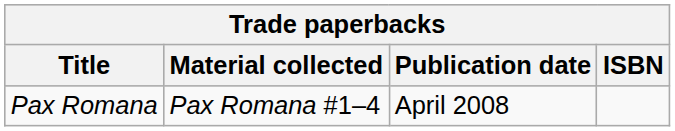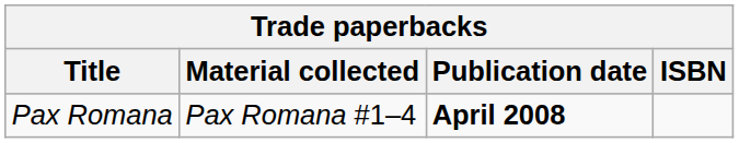 <table class="wikitable">
 <tr>
 <th colspan=4>Trade paperbacks</th>
 </tr>
 <tr>
 <th>Title</th>
 <th>Material collected</th>
 <th>Publication date</th>
 <th>ISBN</th>
 </tr>
 <tr>
 <td><em>Pax Romana</em></td>
 <td><em>Pax Romana</em> #1–4</td>
-<td>April 2008</td>
+<td><strong>April 2008</strong></td>
 <td></td>
 </tr>
 </table>
